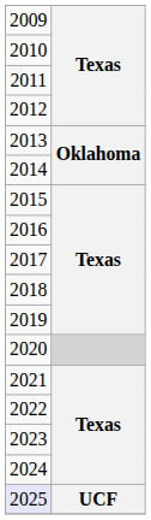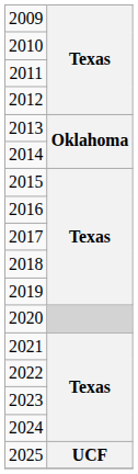 <table class="wikitable" style="text-align: center;">
 <tr>
 <td>2009</td>
 <th rowspan="4">Texas</th>
 </tr>
 <tr>
 <td>2010</td>
 </tr>
 <tr>
 <td>2011</td>
 </tr>
 <tr>
 <td>2012</td>
 </tr>
 <tr>
 <td>2013</td>
 <th rowspan="2">Oklahoma</th>
 </tr>
 <tr>
 <td>2014</td>
 </tr>
 <tr>
 <td>2015</td>
 <th rowspan="5">Texas</th>
 </tr>
 <tr>
 <td>2016</td>
 </tr>
 <tr>
 <td>2017</td>
 </tr>
 <tr>
 <td>2018</td>
 </tr>
 <tr>
 <td>2019</td>
 </tr>
 <tr>
 <td>2020</td>
 <td bgcolor="#d3d3d3"></td>
 </tr>
 <tr>
 <td>2021</td>
 <th rowspan="4">Texas</th>
 </tr>
 <tr>
 <td>2022</td>
 </tr>
 <tr>
 <td>2023</td>
 </tr>
 <tr>
 <td>2024</td>
 </tr>
 <tr>
-<td style="background: lavender;">2025</td>
+<td>2025</td>
 <th>UCF</th>
 </tr>
 <tr>
 </tr>
 </table>
